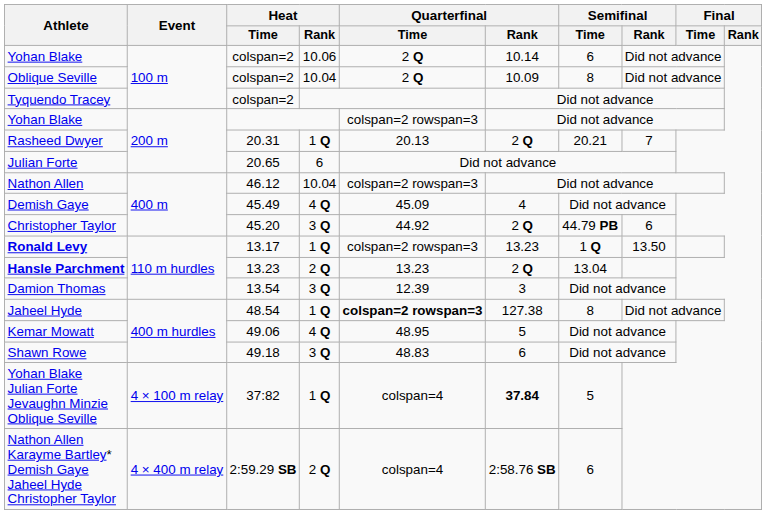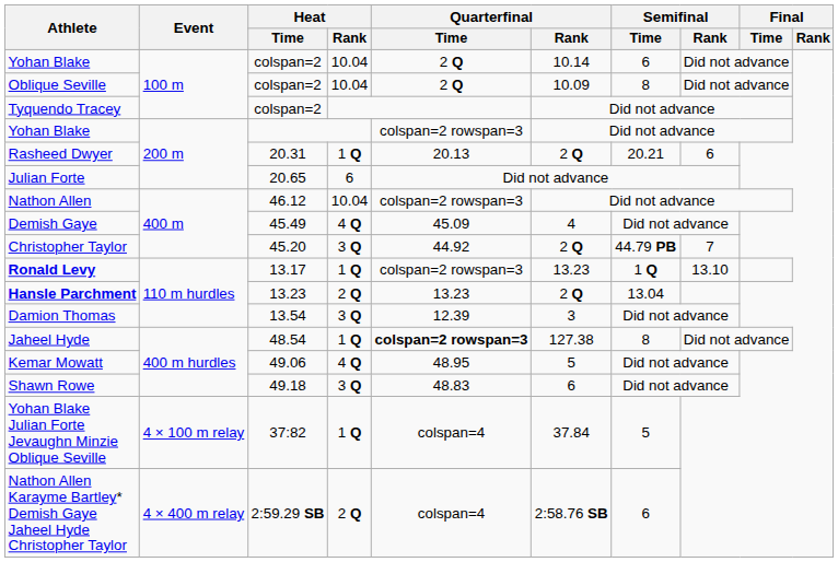 <table class=wikitable style=font-size:90%;text-align:center>
 <tr>
 <th rowspan=2>Athlete</th>
 <th rowspan=2>Event</th>
 <th colspan=2>Heat</th>
 <th colspan=2>Quarterfinal</th>
 <th colspan=2>Semifinal</th>
 <th colspan=2>Final</th>
 </tr>
 <tr style=font-size:95%>
 <th>Time</th>
 <th>Rank</th>
 <th>Time</th>
 <th>Rank</th>
 <th>Time</th>
 <th>Rank</th>
 <th>Time</th>
 <th>Rank</th>
 </tr>
 <tr>
 <td align=left><a href='#'>Yohan Blake</a></td>
 <td align=left rowspan=3><a href='#'>100 m</a></td>
 <td>colspan=2 </td>
-<td>10.06</td>
+<td>10.04</td>
 <td>2 <strong>Q</strong></td>
 <td>10.14</td>
 <td>6</td>
 <td colspan=2>Did not advance</td>
 </tr>
 <tr>
 <td align=left><a href='#'>Oblique Seville</a></td>
 <td>colspan=2 </td>
 <td>10.04</td>
 <td>2 <strong>Q</strong></td>
 <td>10.09</td>
 <td>8</td>
 <td colspan=2>Did not advance</td>
 </tr>
 <tr>
 <td align=left><a href='#'>Tyquendo Tracey</a></td>
 <td>colspan=2 </td>
 <td colspan="2"></td>
 <td colspan="4">Did not advance</td>
 </tr>
 <tr>
 <td align=left><a href='#'>Yohan Blake</a></td>
 <td align=left rowspan=3><a href='#'>200 m</a></td>
 <td colspan="2"></td>
 <td>colspan=2 rowspan=3 </td>
 <td colspan="4">Did not advance</td>
 </tr>
 <tr>
 <td align=left><a href='#'>Rasheed Dwyer</a></td>
 <td>20.31</td>
 <td>1 <strong>Q</strong></td>
 <td>20.13</td>
 <td>2 <strong>Q</strong></td>
 <td>20.21</td>
-<td>7</td>
+<td>6</td>
 </tr>
 <tr>
 <td align=left><a href='#'>Julian Forte</a></td>
 <td>20.65</td>
 <td>6</td>
 <td colspan=4>Did not advance</td>
 </tr>
 <tr>
 <td align=left><a href='#'>Nathon Allen</a></td>
 <td align=left rowspan=3><a href='#'>400 m</a></td>
 <td>46.12</td>
 <td>10.04</td>
 <td>colspan=2 rowspan=3 </td>
 <td colspan=4>Did not advance</td>
 </tr>
 <tr>
 <td align=left><a href='#'>Demish Gaye</a></td>
 <td>45.49</td>
 <td>4 <strong>Q</strong></td>
 <td>45.09</td>
 <td>4</td>
 <td colspan=2>Did not advance</td>
 </tr>
 <tr>
 <td align=left><a href='#'>Christopher Taylor</a></td>
 <td>45.20</td>
 <td>3 <strong>Q</strong></td>
 <td>44.92</td>
 <td>2 <strong>Q</strong></td>
 <td>44.79 <strong>PB</strong></td>
-<td>6</td>
+<td>7</td>
 </tr>
 <tr>
 <td align=left><strong><a href='#'>Ronald Levy</a></strong></td>
 <td align=left rowspan=3><a href='#'>110 m hurdles</a></td>
 <td>13.17</td>
 <td>1 <strong>Q</strong></td>
 <td>colspan=2 rowspan=3 </td>
 <td>13.23</td>
 <td>1 <strong>Q</strong></td>
-<td>13.50</td>
+<td>13.10</td>
 <td></td>
 </tr>
 <tr>
 <td align=left><strong><a href='#'>Hansle Parchment</a></strong></td>
 <td>13.23</td>
 <td>2 <strong>Q</strong></td>
 <td>13.23</td>
 <td>2 <strong>Q</strong></td>
 <td>13.04</td>
 <td></td>
 </tr>
 <tr>
 <td align=left><a href='#'>Damion Thomas</a></td>
 <td>13.54</td>
 <td>3 <strong>Q</strong></td>
 <td>12.39</td>
 <td>3</td>
 <td colspan=2>Did not advance</td>
 </tr>
 <tr>
 <td align=left><a href='#'>Jaheel Hyde</a></td>
 <td align=left rowspan=3><a href='#'>400 m hurdles</a></td>
 <td>48.54</td>
 <td>1 <strong>Q</strong></td>
 <td><strong>colspan=2 rowspan=3 </strong></td>
 <td>127.38</td>
 <td>8</td>
 <td colspan=2>Did not advance</td>
 </tr>
 <tr>
 <td align=left><a href='#'>Kemar Mowatt</a></td>
 <td>49.06</td>
 <td>4 <strong>Q</strong></td>
 <td>48.95</td>
 <td>5</td>
 <td colspan=2>Did not advance</td>
 </tr>
 <tr>
 <td align=left><a href='#'>Shawn Rowe</a></td>
 <td>49.18</td>
 <td>3 <strong>Q</strong></td>
 <td>48.83</td>
 <td>6</td>
 <td colspan=2>Did not advance</td>
 </tr>
 <tr>
 <td align=left><a href='#'>Yohan Blake</a><br><a href='#'>Julian Forte</a><br><a href='#'>Jevaughn Minzie</a><br><a href='#'>Oblique Seville</a></td>
 <td align=left><a href='#'>4 × 100 m relay</a></td>
 <td>37:82</td>
 <td>1 <strong>Q</strong></td>
 <td>colspan=4 </td>
-<td><strong>37.84</strong></td>
+<td>37.84</td>
 <td>5</td>
 </tr>
 <tr>
 <td align=left><a href='#'>Nathon Allen</a><br><a href='#'>Karayme Bartley</a>*<br><a href='#'>Demish Gaye</a><br><a href='#'>Jaheel Hyde</a><br><a href='#'>Christopher Taylor</a></td>
 <td align=left><a href='#'>4 × 400 m relay</a></td>
 <td>2:59.29 <strong>SB</strong></td>
 <td>2 <strong>Q</strong></td>
 <td>colspan=4 </td>
 <td>2:58.76 <strong>SB</strong></td>
 <td>6</td>
 </tr>
 </table>
